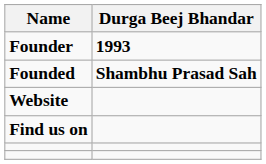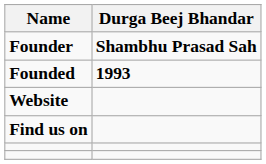 <table class="wikitable mw-collapsible mw-collapsed" style="margin:1em auto;">
 <tr>
 <th>Name</th>
 <th>Durga Beej Bhandar</th>
 </tr>
 <tr>
 <td><strong>Founder</strong></td>
-<td><strong>1993</strong></td>
+<td><strong>Shambhu Prasad Sah</strong></td>
 </tr>
 <tr>
 <td><strong>Founded</strong></td>
-<td><strong>Shambhu Prasad Sah</strong></td>
+<td><strong>1993</strong></td>
 </tr>
 <tr>
 <td><strong>Website</strong></td>
 <td></td>
 </tr>
 <tr>
 <td><strong>Find us on</strong></td>
 <td></td>
 </tr>
 <tr>
 <td></td>
 <td></td>
 </tr>
 <tr>
 <td></td>
 <td></td>
 </tr>
 </table>
